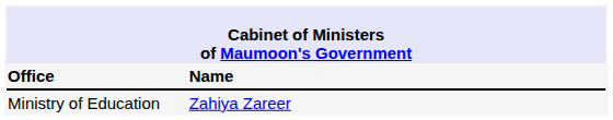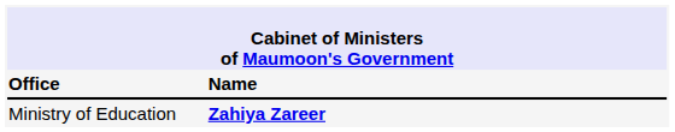 <table class="toccolours" data-darkreader-inline-bgcolor="" data-darkreader-inline-bgimage="" style="float:auto; font-size:90%; width:530px; background:#f5f5f5;">
 <tr>
 <th colspan="3" data-darkreader-inline-bgcolor="" data-darkreader-inline-bgimage="" style="background:lavender;"><div> </div><span>Cabinet of Ministers</span><br><span>of <a href='#'>Maumoon's Government</a></span></th>
 </tr>
 <tr style="font-weight:bold;">
 <td style="width:30%;">Office</td>
 <td>Name</td>
 </tr>
 <tr>
 <th colspan="3" data-darkreader-inline-bgcolor="" data-darkreader-inline-bgimage="" style="background:#000;"></th>
 </tr>
 <tr>
 <td>Ministry of Education</td>
-<td><a href='#'>Zahiya Zareer</a></td>
+<td><strong><a href='#'>Zahiya Zareer</a></strong></td>
 </tr>
 </table>
